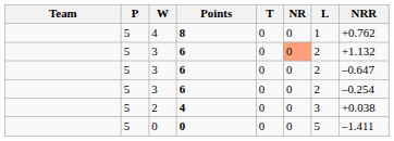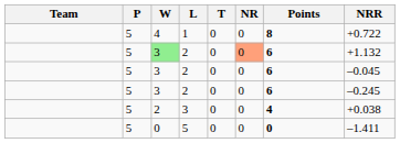 <table class="wikitable">
 <tr>
 <th width=150>Team</th>
 <th style="width:30px;" abbr="Played">P</th>
 <th style="width:30px;" abbr="Won">W</th>
-<th style="width:100px;" abbr="Points">Points</th>
+<th style="width:30px;" abbr="Lost">L</th>
 <th style="width:30px;" abbr="Tied">T</th>
 <th style="width:30px;" abbr="No result">NR</th>
-<th style="width:30px;" abbr="Lost">L</th>
+<th style="width:100px;" abbr="Points">Points</th>
 <th style="width:60px;" abbr="Net run rate">NRR</th>
 </tr>
 <tr>
 <td style="text-align:left;"></td>
 <td>5</td>
 <td>4</td>
-<td><strong>8</strong></td>
+<td>1</td>
 <td>0</td>
 <td>0</td>
-<td>1</td>
-<td>+0.762</td>
+<td><strong>8</strong></td>
+<td>+0.722</td>
 </tr>
 <tr>
 <td style="text-align:left;"></td>
 <td>5</td>
-<td>3</td>
-<td><strong>6</strong></td>
+<td style="background: lightgreen;">3</td>
+<td>2</td>
 <td>0</td>
 <td style="background: lightsalmon;">0</td>
-<td>2</td>
+<td><strong>6</strong></td>
 <td>+1.132</td>
 </tr>
 <tr>
 <td style="text-align:left;"></td>
 <td>5</td>
 <td>3</td>
-<td><strong>6</strong></td>
+<td>2</td>
 <td>0</td>
 <td>0</td>
-<td>2</td>
-<td>–0.647</td>
+<td><strong>6</strong></td>
+<td>–0.045</td>
 </tr>
 <tr>
 <td style="text-align:left;"></td>
 <td>5</td>
 <td>3</td>
-<td><strong>6</strong></td>
+<td>2</td>
 <td>0</td>
 <td>0</td>
-<td>2</td>
-<td>–0.254</td>
+<td><strong>6</strong></td>
+<td>–0.245</td>
 </tr>
 <tr>
 <td style="text-align:left;"></td>
 <td>5</td>
 <td>2</td>
-<td><strong>4</strong></td>
+<td>3</td>
 <td>0</td>
 <td>0</td>
-<td>3</td>
+<td><strong>4</strong></td>
 <td>+0.038</td>
 </tr>
 <tr>
 <td style="text-align:left;"></td>
 <td>5</td>
 <td>0</td>
-<td><strong>0</strong></td>
+<td>5</td>
 <td>0</td>
 <td>0</td>
-<td>5</td>
+<td><strong>0</strong></td>
 <td>–1.411</td>
 </tr>
 </table>
